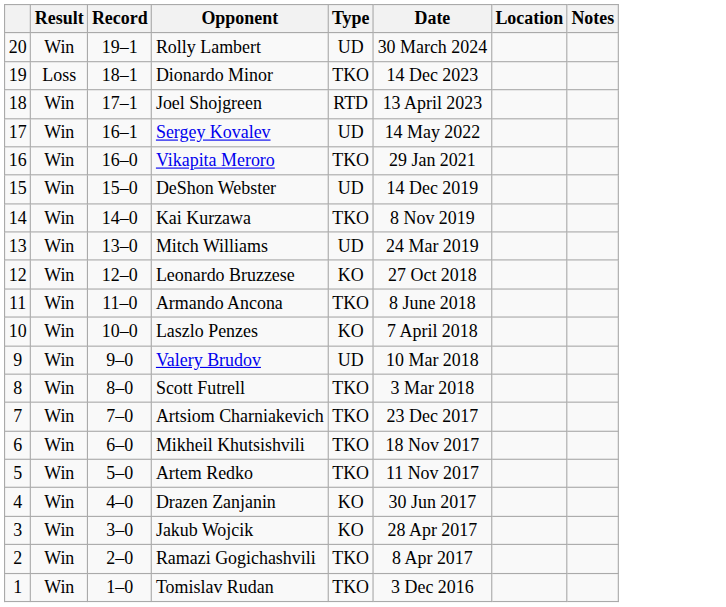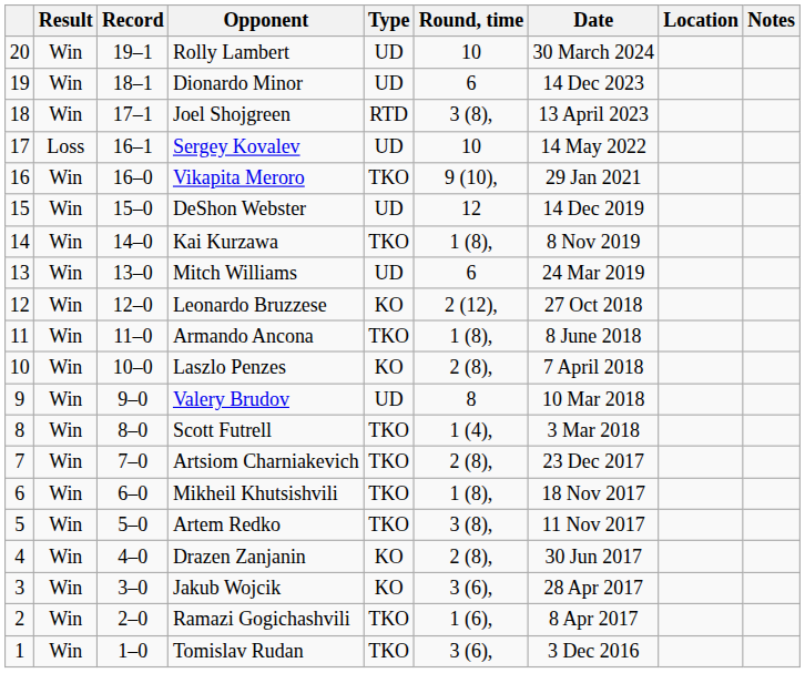 <table class="wikitable" style="text-align:center">
 <tr>
 <th></th>
 <th>Result</th>
 <th>Record</th>
 <th>Opponent</th>
 <th>Type</th>
+<th>Round, time</th>
 <th>Date</th>
 <th>Location</th>
 <th>Notes</th>
 </tr>
 <tr>
 <td>20</td>
 <td>Win</td>
 <td>19–1</td>
 <td style="text-align:left;">Rolly Lambert</td>
 <td>UD</td>
+<td>10</td>
 <td>30 March 2024</td>
 <td style="text-align:left;"></td>
 <td></td>
 </tr>
 <tr>
 <td>19</td>
-<td>Loss</td>
+<td>Win</td>
 <td>18–1</td>
 <td style="text-align:left;">Dionardo Minor</td>
-<td>TKO</td>
+<td>UD</td>
+<td>6</td>
 <td>14 Dec 2023</td>
 <td style="text-align:left;"></td>
 <td></td>
 </tr>
 <tr>
 <td>18</td>
 <td>Win</td>
 <td>17–1</td>
 <td style="text-align:left;">Joel Shojgreen</td>
 <td>RTD</td>
+<td>3 (8), </td>
 <td>13 April 2023</td>
 <td style="text-align:left;"></td>
 <td></td>
 </tr>
 <tr>
 <td>17</td>
-<td>Win</td>
+<td>Loss</td>
 <td>16–1</td>
 <td style="text-align:left;"><a href='#'>Sergey Kovalev</a></td>
 <td>UD</td>
+<td>10</td>
 <td>14 May 2022</td>
 <td style="text-align:left;"></td>
 <td></td>
 </tr>
 <tr>
 <td>16</td>
 <td>Win</td>
 <td>16–0</td>
 <td style="text-align:left;"><a href='#'>Vikapita Meroro</a></td>
 <td>TKO</td>
+<td>9 (10), </td>
 <td>29 Jan 2021</td>
 <td style="text-align:left;"></td>
 <td></td>
 </tr>
 <tr>
 <td>15</td>
 <td>Win</td>
 <td>15–0</td>
 <td style="text-align:left;">DeShon Webster</td>
 <td>UD</td>
+<td>12</td>
 <td>14 Dec 2019</td>
 <td style="text-align:left;"></td>
 <td style="text-align:left;"></td>
 </tr>
 <tr>
 <td>14</td>
 <td>Win</td>
 <td>14–0</td>
 <td style="text-align:left;">Kai Kurzawa</td>
 <td>TKO</td>
+<td>1 (8), </td>
 <td>8 Nov 2019</td>
 <td style="text-align:left;"></td>
 <td></td>
 </tr>
 <tr>
 <td>13</td>
 <td>Win</td>
 <td>13–0</td>
 <td style="text-align:left;">Mitch Williams</td>
 <td>UD</td>
+<td>6</td>
 <td>24 Mar 2019</td>
 <td style="text-align:left;"></td>
 <td></td>
 </tr>
 <tr>
 <td>12</td>
 <td>Win</td>
 <td>12–0</td>
 <td style="text-align:left;">Leonardo Bruzzese</td>
 <td>KO</td>
+<td>2 (12), </td>
 <td>27 Oct 2018</td>
 <td style="text-align:left;"></td>
 <td style="text-align:left;"></td>
 </tr>
 <tr>
 <td>11</td>
 <td>Win</td>
 <td>11–0</td>
 <td style="text-align:left;">Armando Ancona</td>
 <td>TKO</td>
+<td>1 (8), </td>
 <td>8 June 2018</td>
 <td style="text-align:left;"></td>
 <td></td>
 </tr>
 <tr>
 <td>10</td>
 <td>Win</td>
 <td>10–0</td>
 <td style="text-align:left;">Laszlo Penzes</td>
 <td>KO</td>
+<td>2 (8), </td>
 <td>7 April 2018</td>
 <td style="text-align:left;"></td>
 <td></td>
 </tr>
 <tr>
 <td>9</td>
 <td>Win</td>
 <td>9–0</td>
 <td style="text-align:left;"><a href='#'>Valery Brudov</a></td>
 <td>UD</td>
+<td>8</td>
 <td>10 Mar 2018</td>
 <td style="text-align:left;"></td>
 <td></td>
 </tr>
 <tr>
 <td>8</td>
 <td>Win</td>
 <td>8–0</td>
 <td style="text-align:left;">Scott Futrell</td>
 <td>TKO</td>
+<td>1 (4), </td>
 <td>3 Mar 2018</td>
 <td style="text-align:left;"></td>
 <td></td>
 </tr>
 <tr>
 <td>7</td>
 <td>Win</td>
 <td>7–0</td>
 <td style="text-align:left;">Artsiom Charniakevich</td>
 <td>TKO</td>
+<td>2 (8), </td>
 <td>23 Dec 2017</td>
 <td style="text-align:left;"></td>
 <td></td>
 </tr>
 <tr>
 <td>6</td>
 <td>Win</td>
 <td>6–0</td>
 <td style="text-align:left;">Mikheil Khutsishvili</td>
 <td>TKO</td>
+<td>1 (8), </td>
 <td>18 Nov 2017</td>
 <td style="text-align:left;"></td>
 <td></td>
 </tr>
 <tr>
 <td>5</td>
 <td>Win</td>
 <td>5–0</td>
 <td style="text-align:left;">Artem Redko</td>
 <td>TKO</td>
+<td>3 (8), </td>
 <td>11 Nov 2017</td>
 <td style="text-align:left;"></td>
 <td></td>
 </tr>
 <tr>
 <td>4</td>
 <td>Win</td>
 <td>4–0</td>
 <td style="text-align:left;">Drazen Zanjanin</td>
 <td>KO</td>
+<td>2 (8), </td>
 <td>30 Jun 2017</td>
 <td style="text-align:left;"></td>
 <td></td>
 </tr>
 <tr>
 <td>3</td>
 <td>Win</td>
 <td>3–0</td>
 <td style="text-align:left;">Jakub Wojcik</td>
 <td>KO</td>
+<td>3 (6), </td>
 <td>28 Apr 2017</td>
 <td style="text-align:left;"></td>
 <td></td>
 </tr>
 <tr>
 <td>2</td>
 <td>Win</td>
 <td>2–0</td>
 <td style="text-align:left;">Ramazi Gogichashvili</td>
 <td>TKO</td>
+<td>1 (6), </td>
 <td>8 Apr 2017</td>
 <td style="text-align:left;"></td>
 <td></td>
 </tr>
 <tr>
 <td>1</td>
 <td>Win</td>
 <td>1–0</td>
 <td style="text-align:left;">Tomislav Rudan</td>
 <td>TKO</td>
+<td>3 (6), </td>
 <td>3 Dec 2016</td>
 <td style="text-align:left;"></td>
 <td></td>
 </tr>
 </table>
